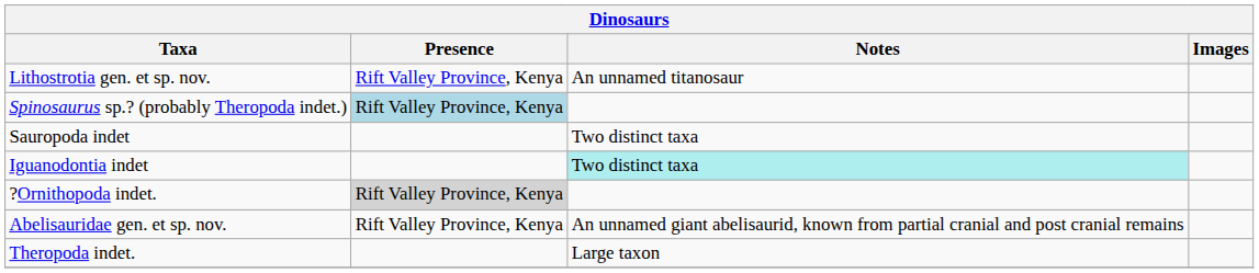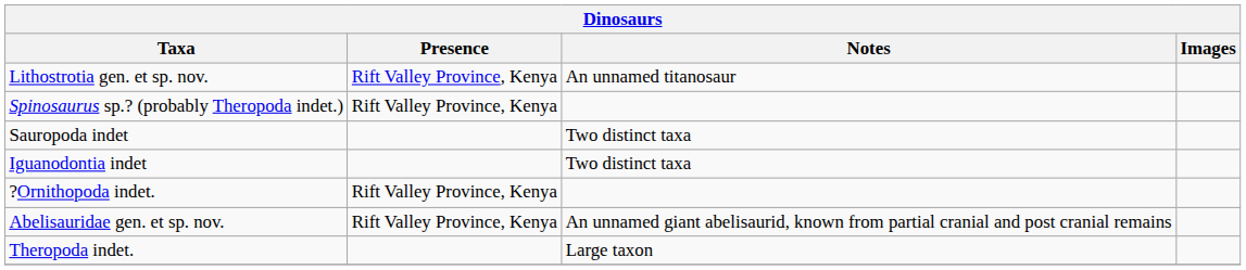 <table class="wikitable" align="center">
 <tr>
 <th colspan="5" align="center"><strong><a href='#'>Dinosaurs</a></strong></th>
 </tr>
 <tr>
 <th>Taxa</th>
 <th>Presence</th>
 <th>Notes</th>
 <th>Images</th>
 </tr>
 <tr>
 <td><a href='#'>Lithostrotia</a> gen. et sp. nov.</td>
 <td><a href='#'>Rift Valley Province</a>, Kenya</td>
 <td>An unnamed titanosaur</td>
 <td></td>
 </tr>
 <tr>
 <td><em><a href='#'>Spinosaurus</a></em> sp.? (probably <a href='#'>Theropoda</a> indet.)</td>
-<td style="background: lightblue;">Rift Valley Province, Kenya</td>
+<td>Rift Valley Province, Kenya</td>
 <td></td>
 <td></td>
 </tr>
 <tr>
 <td>Sauropoda indet</td>
 <td></td>
 <td>Two distinct taxa</td>
 <td></td>
 </tr>
 <tr>
 <td><a href='#'>Iguanodontia</a> indet</td>
 <td></td>
-<td style="background: paleturquoise;">Two distinct taxa</td>
+<td>Two distinct taxa</td>
 <td></td>
 </tr>
 <tr>
 <td>?<a href='#'>Ornithopoda</a> indet.</td>
-<td style="background: lightgrey;">Rift Valley Province, Kenya</td>
+<td>Rift Valley Province, Kenya</td>
 <td></td>
 <td></td>
 </tr>
 <tr>
 <td><a href='#'>Abelisauridae</a> gen. et sp. nov.</td>
 <td>Rift Valley Province, Kenya</td>
 <td>An unnamed giant abelisaurid, known from partial cranial and post cranial remains</td>
 <td></td>
 </tr>
 <tr>
 <td><a href='#'>Theropoda</a> indet.</td>
 <td></td>
 <td>Large taxon</td>
 <td></td>
 </tr>
 <tr>
 </tr>
 </table>
